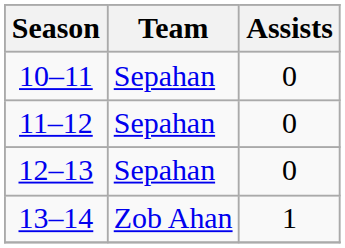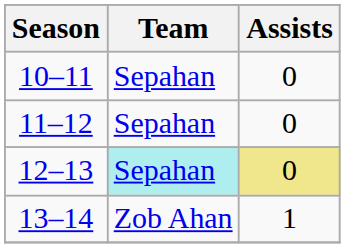 <table class="wikitable" style="text-align: center;">
 <tr>
 <th>Season</th>
 <th>Team</th>
 <th>Assists</th>
 </tr>
 <tr>
 <td><a href='#'>10–11</a></td>
 <td align="left"><a href='#'>Sepahan</a></td>
 <td>0</td>
 </tr>
 <tr>
 <td><a href='#'>11–12</a></td>
 <td align="left"><a href='#'>Sepahan</a></td>
 <td>0</td>
 </tr>
 <tr>
 <td><a href='#'>12–13</a></td>
-<td align="left"><a href='#'>Sepahan</a></td>
-<td>0</td>
+<td align="left" style="background: paleturquoise;"><a href='#'>Sepahan</a></td>
+<td style="background: khaki;">0</td>
 </tr>
 <tr>
 <td><a href='#'>13–14</a></td>
 <td align="left"><a href='#'>Zob Ahan</a></td>
 <td>1</td>
 </tr>
 <tr>
 </tr>
 </table>
